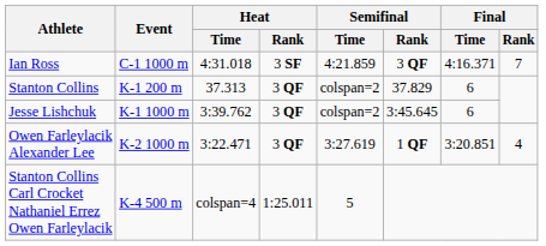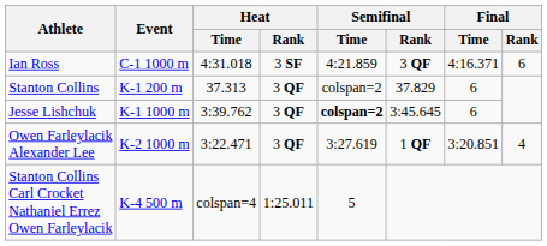 <table class=wikitable style=font-size:90%;text-align:center>
 <tr>
 <th rowspan=2>Athlete</th>
 <th rowspan=2>Event</th>
 <th colspan=2>Heat</th>
 <th colspan=2>Semifinal</th>
 <th colspan=2>Final</th>
 </tr>
 <tr style=font-size:95%>
 <th>Time</th>
 <th>Rank</th>
 <th>Time</th>
 <th>Rank</th>
 <th>Time</th>
 <th>Rank</th>
 </tr>
 <tr>
 <td align=left><a href='#'>Ian Ross</a></td>
 <td align=left><a href='#'>C-1 1000 m</a></td>
 <td>4:31.018</td>
 <td>3 <strong>SF</strong></td>
 <td>4:21.859</td>
 <td>3 <strong>QF</strong></td>
 <td>4:16.371</td>
-<td>7</td>
+<td>6</td>
 </tr>
 <tr>
 <td align=left><a href='#'>Stanton Collins</a></td>
 <td align=left><a href='#'>K-1 200 m</a></td>
 <td>37.313</td>
 <td>3 <strong>QF</strong></td>
 <td>colspan=2 </td>
 <td>37.829</td>
 <td>6</td>
 </tr>
 <tr>
 <td align=left><a href='#'>Jesse Lishchuk</a></td>
 <td align=left><a href='#'>K-1 1000 m</a></td>
 <td>3:39.762</td>
 <td>3 <strong>QF</strong></td>
-<td>colspan=2 </td>
+<td><strong>colspan=2 </strong></td>
 <td>3:45.645</td>
 <td>6</td>
 </tr>
 <tr>
 <td align=left><a href='#'>Owen Farleylacik</a><br><a href='#'>Alexander Lee</a></td>
 <td align=left><a href='#'>K-2 1000 m</a></td>
 <td>3:22.471</td>
 <td>3 <strong>QF</strong></td>
 <td>3:27.619</td>
 <td>1 <strong>QF</strong></td>
 <td>3:20.851</td>
 <td>4</td>
 </tr>
 <tr>
 <td align=left><a href='#'>Stanton Collins</a><br><a href='#'>Carl Crocket</a><br><a href='#'>Nathaniel Errez</a><br><a href='#'>Owen Farleylacik</a></td>
 <td align=left><a href='#'>K-4 500 m</a></td>
 <td>colspan=4 </td>
 <td>1:25.011</td>
 <td>5</td>
 </tr>
 </table>
